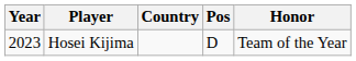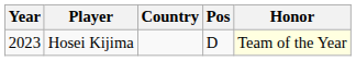 <table class="wikitable">
 <tr>
 <th>Year</th>
 <th>Player</th>
 <th>Country</th>
 <th>Pos</th>
 <th>Honor</th>
 </tr>
 <tr>
 <td rowspan=2>2023</td>
 <td>Hosei Kijima</td>
 <td></td>
 <td>D</td>
-<td>Team of the Year</td>
+<td style="background: lightyellow;">Team of the Year</td>
 </tr>
 </table>
